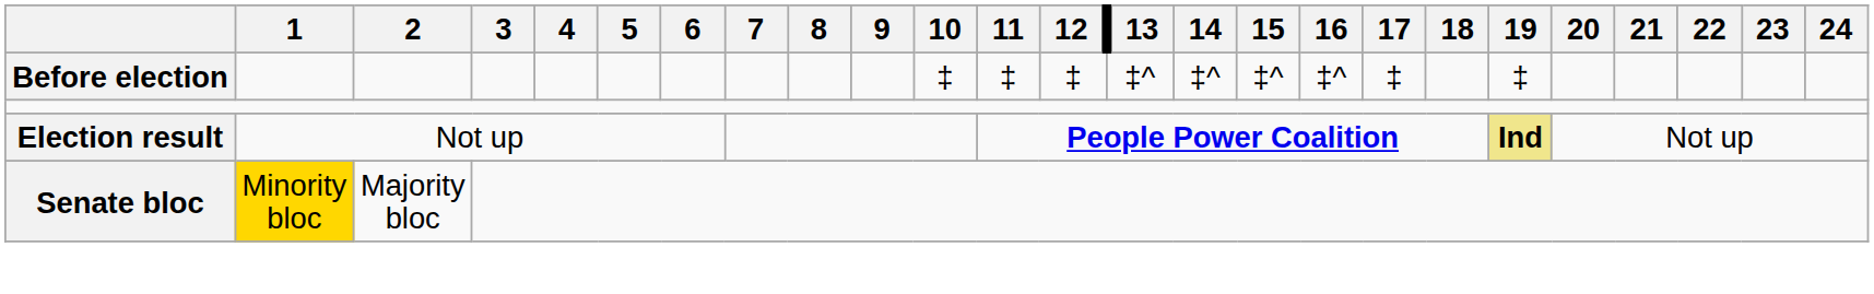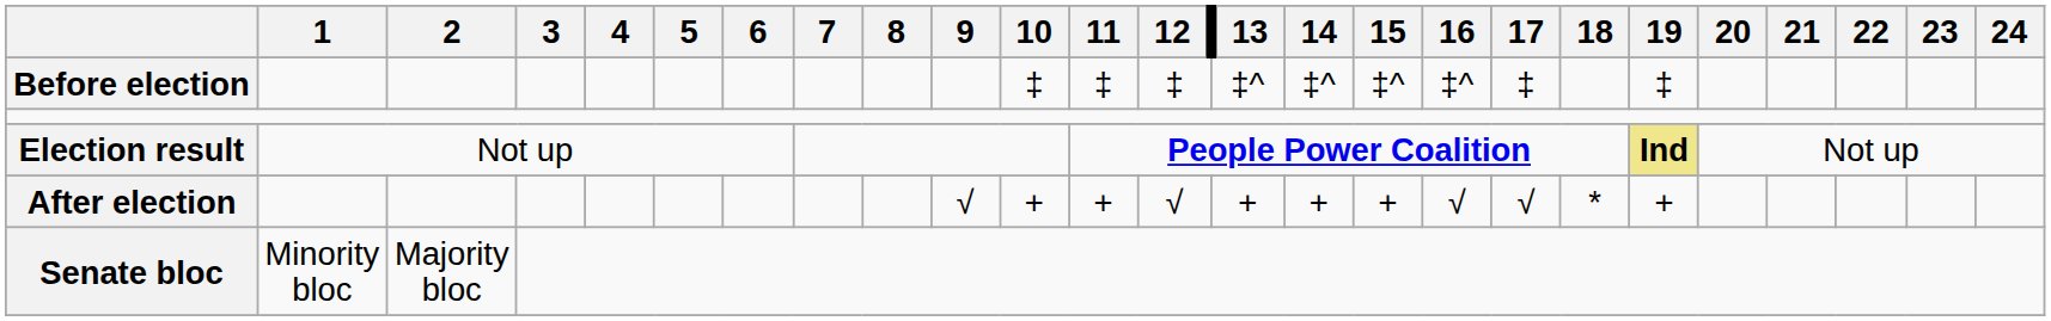 <table class="wikitable" style="text-align:center; font-size:95%">
 <tr>
 <th></th>
 <th width="25px">1</th>
 <th width="25px">2</th>
 <th width="25px">3</th>
 <th width="25px">4</th>
 <th width="25px">5</th>
 <th width="25px">6</th>
 <th width="25px">7</th>
 <th width="25px">8</th>
 <th width="25px">9</th>
 <th width="25px">10</th>
 <th width="25px">11</th>
 <th width="25px">12</th>
 <th width="25px" style="border-left:5px solid black;">13</th>
 <th width="25px">14</th>
 <th width="25px">15</th>
 <th width="25px">16</th>
 <th width="25px">17</th>
 <th width="25px">18</th>
 <th width="25px">19</th>
 <th width="25px">20</th>
 <th width="25px">21</th>
 <th width="25px">22</th>
 <th width="25px">23</th>
 <th width="25px">24</th>
 </tr>
 <tr>
 <th>Before election</th>
 <td></td>
 <td></td>
 <td></td>
 <td></td>
 <td></td>
 <td></td>
 <td></td>
 <td></td>
 <td></td>
 <td>‡</td>
 <td>‡</td>
 <td>‡</td>
 <td>‡^</td>
 <td>‡^</td>
 <td>‡^</td>
 <td>‡^</td>
 <td>‡</td>
 <td></td>
 <td>‡</td>
 <td></td>
 <td></td>
 <td></td>
 <td></td>
 <td></td>
 </tr>
 <tr>
 <td colspan="25"></td>
 </tr>
 <tr>
 <th>Election result</th>
 <td colspan="6">Not up</td>
 <td colspan="4"><strong><a href='#'></a></strong></td>
 <td colspan="8"><strong><a href='#'>People Power Coalition</a></strong></td>
 <td style="background: khaki;"><strong>Ind</strong></td>
 <td colspan="5">Not up</td>
 </tr>
 <tr>
+<th>After election</th>
+<td></td>
+<td></td>
+<td></td>
+<td></td>
+<td></td>
+<td></td>
+<td></td>
+<td></td>
+<td>√</td>
+<td>+</td>
+<td>+</td>
+<td>√</td>
+<td>+</td>
+<td>+</td>
+<td>+</td>
+<td>√</td>
+<td>√</td>
+<td>*</td>
+<td>+</td>
+<td></td>
+<td></td>
+<td></td>
+<td></td>
+<td></td>
+</tr>
+<tr>
 <th>Senate bloc</th>
-<td style="background: gold;">Minority bloc</td>
+<td>Minority bloc</td>
 <td>Majority bloc</td>
 </tr>
 </table>
